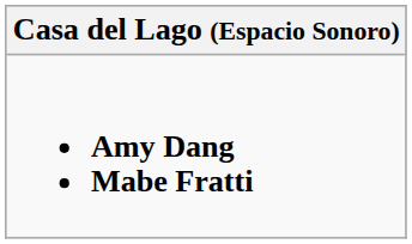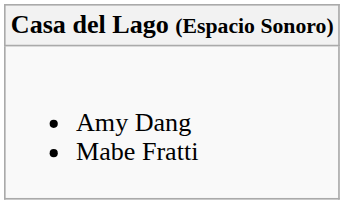 <table class="wikitable">
 <tr>
 <th>Casa del Lago <small>(Espacio Sonoro)</small></th>
 </tr>
 <tr>
-<td><strong><br><ul><li>Amy Dang</li><li>Mabe Fratti</li></ul></strong></td>
+<td><br><ul><li>Amy Dang</li><li>Mabe Fratti</li></ul></td>
 </tr>
 </table>
